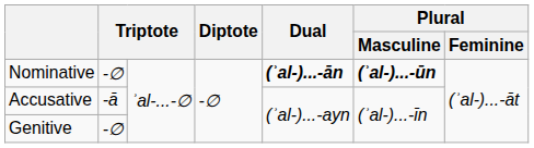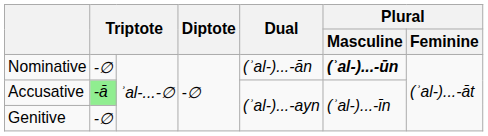 <table class="wikitable">
 <tr>
 <th rowspan=2></th>
 <th rowspan=2 colspan=2>Triptote</th>
 <th rowspan=2>Diptote</th>
 <th rowspan=2>Dual</th>
 <th colspan=2>Plural</th>
 </tr>
 <tr>
 <th>Masculine</th>
 <th>Feminine</th>
 </tr>
 <tr>
 <td>Nominative</td>
 <td><em>-∅</em></td>
 <td rowspan="3"><em>ʾal-...-∅</em></td>
 <td rowspan="3">-<em>∅</em></td>
-<td><strong><em>(ʾal-)...-ān</em></strong></td>
+<td><em>(ʾal-)...-ān</em></td>
 <td><strong><em>(ʾal-)...-ūn</em></strong></td>
 <td rowspan="3"><em>(ʾal-)...-āt</em></td>
 </tr>
 <tr>
 <td>Accusative</td>
-<td><em>-ā</em></td>
+<td style="background: lightgreen;"><em>-ā</em></td>
 <td rowspan="2"><em>(ʾal-)...-ayn</em></td>
 <td rowspan="2"><em>(ʾal-)...-īn</em></td>
 </tr>
 <tr>
 <td>Genitive</td>
 <td><em>-∅</em></td>
 </tr>
 </table>
